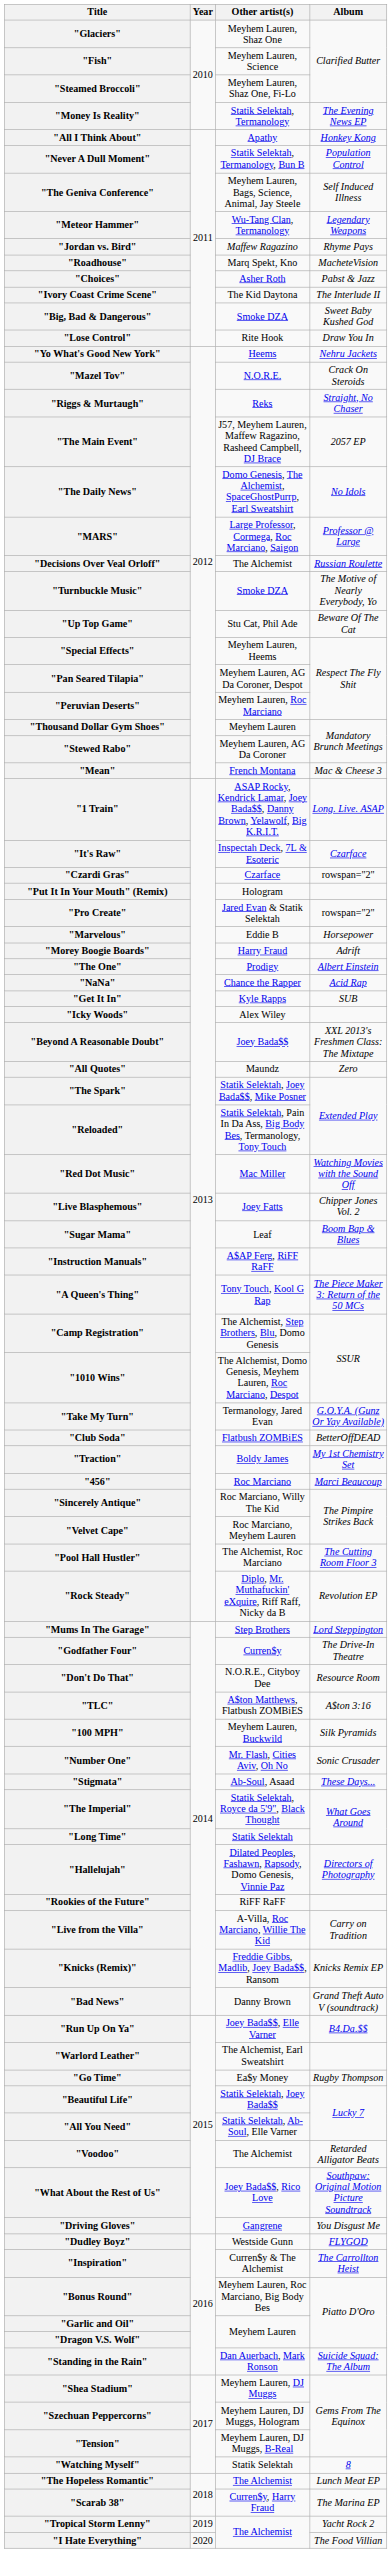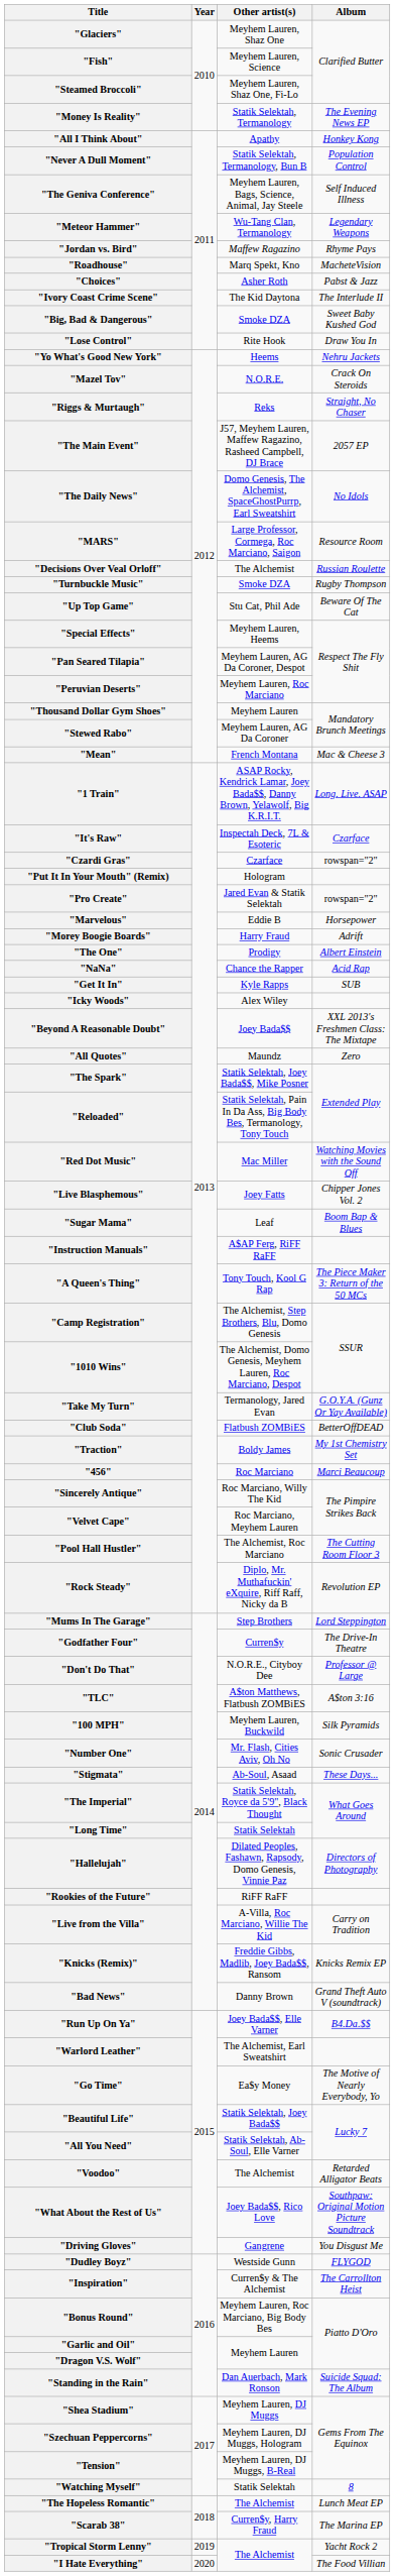 <table class="wikitable plainrowheaders" style="text-align:center;">
 <tr>
 <th scope="col" style="width:18em;">Title</th>
 <th scope="col">Year</th>
 <th scope="col">Other artist(s)</th>
 <th scope="col">Album</th>
 </tr>
 <tr>
 <th scope="row">"Glaciers"</th>
 <td rowspan="4">2010</td>
 <td>Meyhem Lauren, Shaz One</td>
 <td rowspan="3"><em>Clarified Butter</em></td>
 </tr>
 <tr>
 <th scope="row">"Fish"</th>
 <td>Meyhem Lauren, Science</td>
 </tr>
 <tr>
 <th scope="row">"Steamed Broccoli"</th>
 <td>Meyhem Lauren, Shaz One, Fi-Lo</td>
 </tr>
 <tr>
 <th scope="row">"Money Is Reality"</th>
 <td><a href='#'>Statik Selektah</a>, <a href='#'>Termanology</a></td>
 <td><em><a href='#'>The Evening News EP</a></em></td>
 </tr>
 <tr>
 <th scope="row">"All I Think About"</th>
 <td rowspan="10">2011</td>
 <td><a href='#'>Apathy</a></td>
 <td><em><a href='#'>Honkey Kong</a></em></td>
 </tr>
 <tr>
 <th scope="row">"Never A Dull Moment"</th>
 <td><a href='#'>Statik Selektah</a>, <a href='#'>Termanology</a>, <a href='#'>Bun B</a></td>
 <td><em><a href='#'>Population Control</a></em></td>
 </tr>
 <tr>
 <th scope="row">"The Geniva Conference"</th>
 <td>Meyhem Lauren, Bags, Science, Animal, Jay Steele</td>
 <td><em>Self Induced Illness</em></td>
 </tr>
 <tr>
 <th scope="row">"Meteor Hammer"</th>
 <td><a href='#'>Wu-Tang Clan</a>, <a href='#'>Termanology</a></td>
 <td><em><a href='#'>Legendary Weapons</a></em></td>
 </tr>
 <tr>
 <th scope="row">"Jordan vs. Bird"</th>
 <td><em>Maffew Ragazino</em></td>
 <td><em>Rhyme Pays</em></td>
 </tr>
 <tr>
 <th scope="row">"Roadhouse"</th>
 <td>Marq Spekt, Kno</td>
 <td><em>MacheteVision</em></td>
 </tr>
 <tr>
 <th scope="row">"Choices"</th>
 <td><a href='#'>Asher Roth</a></td>
 <td><em>Pabst & Jazz</em></td>
 </tr>
 <tr>
 <th scope="row">"Ivory Coast Crime Scene"</th>
 <td>The Kid Daytona</td>
 <td><em>The Interlude II</em></td>
 </tr>
 <tr>
 <th scope="row">"Big, Bad & Dangerous"</th>
 <td><a href='#'>Smoke DZA</a></td>
 <td><em>Sweet Baby Kushed God</em></td>
 </tr>
 <tr>
 <th scope="row">"Lose Control"</th>
 <td>Rite Hook</td>
 <td><em>Draw You In</em></td>
 </tr>
 <tr>
 <th scope="row">"Yo What's Good New York"</th>
 <td rowspan="15">2012</td>
 <td><a href='#'>Heems</a></td>
 <td><em><a href='#'>Nehru Jackets</a></em></td>
 </tr>
 <tr>
 <th scope="row">"Mazel Tov"</th>
 <td><a href='#'>N.O.R.E.</a></td>
 <td><em>Crack On Steroids</em></td>
 </tr>
 <tr>
 <th scope="row">"Riggs & Murtaugh"</th>
 <td><a href='#'>Reks</a></td>
 <td><em><a href='#'>Straight, No Chaser</a></em></td>
 </tr>
 <tr>
 <th scope="row">"The Main Event"</th>
 <td>J57, Meyhem Lauren, Maffew Ragazino, Rasheed Campbell, <a href='#'>DJ Brace</a></td>
 <td><em>2057 EP</em></td>
 </tr>
 <tr>
 <th scope="row">"The Daily News"</th>
 <td><a href='#'>Domo Genesis</a>, <a href='#'>The Alchemist</a>, <a href='#'>SpaceGhostPurrp</a>, <a href='#'>Earl Sweatshirt</a></td>
 <td><em><a href='#'>No Idols</a></em></td>
 </tr>
 <tr>
 <th scope="row">"MARS"</th>
 <td><a href='#'>Large Professor</a>, <a href='#'>Cormega</a>, <a href='#'>Roc Marciano</a>, <a href='#'>Saigon</a></td>
-<td><em><a href='#'>Professor @ Large</a></em></td>
+<td><em>Resource Room</em></td>
 </tr>
 <tr>
 <th scope="row">"Decisions Over Veal Orloff"</th>
 <td>The Alchemist</td>
 <td><em><a href='#'>Russian Roulette</a></em></td>
 </tr>
 <tr>
 <th scope="row">"Turnbuckle Music"</th>
 <td><a href='#'>Smoke DZA</a></td>
-<td><em>The Motive of Nearly Everybody, Yo</em></td>
+<td><em>Rugby Thompson</em></td>
 </tr>
 <tr>
 <th scope="row">"Up Top Game"</th>
 <td>Stu Cat, Phil Ade</td>
 <td><em>Beware Of The Cat</em></td>
 </tr>
 <tr>
 <th scope="row">"Special Effects"</th>
 <td>Meyhem Lauren, Heems</td>
 <td rowspan="3"><em>Respect The Fly Shit</em></td>
 </tr>
 <tr>
 <th scope="row">"Pan Seared Tilapia"</th>
 <td>Meyhem Lauren, AG Da Coroner, Despot</td>
 </tr>
 <tr>
 <th scope="row">"Peruvian Deserts"</th>
 <td>Meyhem Lauren, <a href='#'>Roc Marciano</a></td>
 </tr>
 <tr>
 <th scope="row">"Thousand Dollar Gym Shoes"</th>
 <td>Meyhem Lauren</td>
 <td rowspan="2"><em>Mandatory Brunch Meetings</em></td>
 </tr>
 <tr>
 <th scope="row">"Stewed Rabo"</th>
 <td>Meyhem Lauren, AG Da Coroner</td>
 </tr>
 <tr>
 <th scope="row">"Mean"</th>
 <td><a href='#'>French Montana</a></td>
 <td><em>Mac & Cheese 3</em></td>
 </tr>
 <tr>
 <th scope="row">"1 Train"</th>
 <td rowspan="30">2013</td>
 <td><a href='#'>ASAP Rocky</a>, <a href='#'>Kendrick Lamar</a>, <a href='#'>Joey Bada$$</a>, <a href='#'>Danny Brown</a>, <a href='#'>Yelawolf</a>, <a href='#'>Big K.R.I.T.</a></td>
 <td><em><a href='#'>Long. Live. ASAP</a></em></td>
 </tr>
 <tr>
 <th scope="row">"It's Raw"</th>
 <td><a href='#'>Inspectah Deck</a>, <a href='#'>7L & Esoteric</a></td>
 <td><em><a href='#'>Czarface</a></em></td>
 </tr>
 <tr>
 <th scope="row">"Czardi Gras"</th>
 <td><a href='#'>Czarface</a></td>
 <td>rowspan="2" </td>
 </tr>
 <tr>
 <th scope="row">"Put It In Your Mouth" (Remix)</th>
 <td>Hologram</td>
 </tr>
 <tr>
 <th scope="row">"Pro Create"</th>
 <td><a href='#'>Jared Evan</a> & Statik Selektah</td>
 <td>rowspan="2" </td>
 </tr>
 <tr>
 <th scope="row">"Marvelous"</th>
 <td>Eddie B</td>
 <td><em>Horsepower</em></td>
 </tr>
 <tr>
 <th scope="row">"Morey Boogie Boards"</th>
 <td><a href='#'>Harry Fraud</a></td>
 <td><em>Adrift</em></td>
 </tr>
 <tr>
 <th scope="row">"The One"</th>
 <td><a href='#'>Prodigy</a></td>
 <td><em><a href='#'>Albert Einstein</a></em></td>
 </tr>
 <tr>
 <th scope="row">"NaNa"</th>
 <td><a href='#'>Chance the Rapper</a></td>
 <td><em><a href='#'>Acid Rap</a></em></td>
 </tr>
 <tr>
 <th scope="row">"Get It In"</th>
 <td><a href='#'>Kyle Rapps</a></td>
 <td><em>SUB</em></td>
 </tr>
 <tr>
 <th scope="row">"Icky Woods"</th>
 <td>Alex Wiley</td>
 <td></td>
 </tr>
 <tr>
 <th scope="row">"Beyond A Reasonable Doubt"</th>
 <td><a href='#'>Joey Bada$$</a></td>
 <td><em>XXL 2013's Freshmen Class: The Mixtape</em></td>
 </tr>
 <tr>
 <th scope="row">"All Quotes"</th>
 <td>Maundz</td>
 <td><em>Zero</em></td>
 </tr>
 <tr>
 <th scope="row">"The Spark"</th>
 <td><a href='#'>Statik Selektah</a>, <a href='#'>Joey Bada$$</a>, <a href='#'>Mike Posner</a></td>
 <td rowspan="2"><em><a href='#'>Extended Play</a></em></td>
 </tr>
 <tr>
 <th scope="row">"Reloaded"</th>
 <td><a href='#'>Statik Selektah</a>, Pain In Da Ass, <a href='#'>Big Body Bes</a>, Termanology, <a href='#'>Tony Touch</a></td>
 </tr>
 <tr>
 <th scope="row">"Red Dot Music"</th>
 <td><a href='#'>Mac Miller</a></td>
 <td><em><a href='#'>Watching Movies with the Sound Off</a></em></td>
 </tr>
 <tr>
 <th scope="row">"Live Blasphemous"</th>
 <td><a href='#'>Joey Fatts</a></td>
 <td><em>Chipper Jones Vol. 2</em></td>
 </tr>
 <tr>
 <th scope="row">"Sugar Mama"</th>
 <td>Leaf</td>
 <td><em><a href='#'>Boom Bap & Blues</a></em></td>
 </tr>
 <tr>
 <th scope="row">"Instruction Manuals"</th>
 <td><a href='#'>A$AP Ferg</a>, <a href='#'>RiFF RaFF</a></td>
 </tr>
 <tr>
 <th scope="row">"A Queen's Thing"</th>
 <td><a href='#'>Tony Touch</a>, <a href='#'>Kool G Rap</a></td>
 <td><em><a href='#'>The Piece Maker 3: Return of the 50 MCs</a></em></td>
 </tr>
 <tr>
 <th scope="row">"Camp Registration"</th>
 <td>The Alchemist, <a href='#'>Step Brothers</a>, <a href='#'>Blu</a>, Domo Genesis</td>
 <td rowspan="2"><em>SSUR</em></td>
 </tr>
 <tr>
 <th scope="row">"1010 Wins"</th>
 <td>The Alchemist, Domo Genesis, Meyhem Lauren, <a href='#'>Roc Marciano</a>, <a href='#'>Despot</a></td>
 </tr>
 <tr>
 <th scope="row">"Take My Turn"</th>
 <td>Termanology, Jared Evan</td>
 <td><em><a href='#'>G.O.Y.A. (Gunz Or Yay Available)</a></em></td>
 </tr>
 <tr>
 <th scope="row">"Club Soda"</th>
 <td><a href='#'>Flatbush ZOMBiES</a></td>
 <td><em>BetterOffDEAD</em></td>
 </tr>
 <tr>
 <th scope="row">"Traction"</th>
 <td><a href='#'>Boldy James</a></td>
 <td><em><a href='#'>My 1st Chemistry Set</a></em></td>
 </tr>
 <tr>
 <th scope="row">"456"</th>
 <td><a href='#'>Roc Marciano</a></td>
 <td><em><a href='#'>Marci Beaucoup</a></em></td>
 </tr>
 <tr>
 <th scope="row">"Sincerely Antique"</th>
 <td>Roc Marciano, Willy The Kid</td>
 <td rowspan="2"><em>The Pimpire Strikes Back</em></td>
 </tr>
 <tr>
 <th scope="row">"Velvet Cape"</th>
 <td>Roc Marciano, Meyhem Lauren</td>
 </tr>
 <tr>
 <th scope="row">"Pool Hall Hustler"</th>
 <td>The Alchemist, Roc Marciano</td>
 <td><em><a href='#'>The Cutting Room Floor 3</a></em></td>
 </tr>
 <tr>
 <th scope="row">"Rock Steady"</th>
 <td><a href='#'>Diplo</a>, <a href='#'>Mr. Muthafuckin' eXquire</a>, Riff Raff, Nicky da B</td>
 <td><em>Revolution EP</em></td>
 </tr>
 <tr>
 <th scope="row">"Mums In The Garage"</th>
 <td rowspan="14">2014</td>
 <td><a href='#'>Step Brothers</a></td>
 <td><em><a href='#'>Lord Steppington</a></em></td>
 </tr>
 <tr>
 <th scope="row">"Godfather Four"</th>
 <td><a href='#'>Curren$y</a></td>
 <td><em>The Drive-In Theatre</em></td>
 </tr>
 <tr>
 <th scope="row">"Don't Do That"</th>
 <td>N.O.R.E., Cityboy Dee</td>
-<td><em>Resource Room</em></td>
+<td><em><a href='#'>Professor @ Large</a></em></td>
 </tr>
 <tr>
 <th scope="row">"TLC"</th>
 <td><a href='#'>A$ton Matthews</a>, Flatbush ZOMBiES</td>
 <td><em>A$ton 3:16</em></td>
 </tr>
 <tr>
 <th scope="row">"100 MPH"</th>
 <td>Meyhem Lauren, <a href='#'>Buckwild</a></td>
 <td><em>Silk Pyramids</em></td>
 </tr>
 <tr>
 <th scope="row">"Number One"</th>
 <td><a href='#'>Mr. Flash</a>, <a href='#'>Cities Aviv</a>, <a href='#'>Oh No</a></td>
 <td><em>Sonic Crusader</em></td>
 </tr>
 <tr>
 <th scope="row">"Stigmata"</th>
 <td><a href='#'>Ab-Soul</a>, Asaad</td>
 <td><em><a href='#'>These Days...</a></em></td>
 </tr>
 <tr>
 <th scope="row">"The Imperial"</th>
 <td><a href='#'>Statik Selektah</a>, <a href='#'>Royce da 5'9"</a>, <a href='#'>Black Thought</a></td>
 <td rowspan="2"><em><a href='#'>What Goes Around</a></em></td>
 </tr>
 <tr>
 <th scope="row">"Long Time"</th>
 <td><a href='#'>Statik Selektah</a></td>
 </tr>
 <tr>
 <th scope="row">"Hallelujah"</th>
 <td><a href='#'>Dilated Peoples</a>, <a href='#'>Fashawn</a>, <a href='#'>Rapsody</a>, Domo Genesis, <a href='#'>Vinnie Paz</a></td>
 <td><em><a href='#'>Directors of Photography</a></em></td>
 </tr>
 <tr>
 <th scope="row">"Rookies of the Future"</th>
 <td>RiFF RaFF</td>
 <td></td>
 </tr>
 <tr>
 <th scope="row">"Live from the Villa"</th>
 <td>A-Villa, <a href='#'>Roc Marciano</a>, <a href='#'>Willie The Kid</a></td>
 <td><em>Carry on Tradition</em></td>
 </tr>
 <tr>
 <th scope="row">"Knicks (Remix)"</th>
 <td><a href='#'>Freddie Gibbs</a>, <a href='#'>Madlib</a>, <a href='#'>Joey Bada$$</a>, Ransom</td>
 <td><em>Knicks Remix EP</em></td>
 </tr>
 <tr>
 <th scope="row">"Bad News"</th>
 <td>Danny Brown</td>
 <td><em>Grand Theft Auto V (soundtrack)</em></td>
 </tr>
 <tr>
 <th scope="row">"Run Up On Ya"</th>
 <td rowspan="8">2015</td>
 <td><a href='#'>Joey Bada$$</a>, <a href='#'>Elle Varner</a></td>
 <td><em><a href='#'>B4.Da.$$</a></em></td>
 </tr>
 <tr>
 <th scope="row">"Warlord Leather"</th>
 <td>The Alchemist, Earl Sweatshirt</td>
 <td></td>
 </tr>
 <tr>
 <th scope="row">"Go Time"</th>
 <td>Ea$y Money</td>
-<td><em>Rugby Thompson</em></td>
+<td><em>The Motive of Nearly Everybody, Yo</em></td>
 </tr>
 <tr>
 <th scope="row">"Beautiful Life"</th>
 <td><a href='#'>Statik Selektah</a>, <a href='#'>Joey Bada$$</a></td>
 <td rowspan="2"><em><a href='#'>Lucky 7</a></em></td>
 </tr>
 <tr>
 <th scope="row">"All You Need"</th>
 <td><a href='#'>Statik Selektah</a>, <a href='#'>Ab-Soul</a>, Elle Varner</td>
 </tr>
 <tr>
 <th scope="row">"Voodoo"</th>
 <td>The Alchemist</td>
 <td><em>Retarded Alligator Beats</em></td>
 </tr>
 <tr>
 <th scope="row">"What About the Rest of Us"</th>
 <td><a href='#'>Joey Bada$$</a>, <a href='#'>Rico Love</a></td>
 <td><em><a href='#'>Southpaw: Original Motion Picture Soundtrack</a></em></td>
 </tr>
 <tr>
 <th scope="row">"Driving Gloves"</th>
 <td><a href='#'>Gangrene</a></td>
 <td><em>You Disgust Me</em></td>
 </tr>
 <tr>
 <th scope="row">"Dudley Boyz"</th>
 <td rowspan="6">2016</td>
 <td>Westside Gunn</td>
 <td><em><a href='#'>FLYGOD</a></em></td>
 </tr>
 <tr>
 <th scope="row">"Inspiration"</th>
 <td>Curren$y & The Alchemist</td>
 <td><em><a href='#'>The Carrollton Heist</a></em></td>
 </tr>
 <tr>
 <th scope="row">"Bonus Round"</th>
 <td>Meyhem Lauren, Roc Marciano, Big Body Bes</td>
 <td rowspan="3"><em>Piatto D'Oro</em></td>
 </tr>
 <tr>
 <th scope="row">"Garlic and Oil"</th>
 <td rowspan="2">Meyhem Lauren</td>
 </tr>
 <tr>
 <th scope="row">"Dragon V.S. Wolf"</th>
 </tr>
 <tr>
 <th scope="row">"Standing in the Rain"</th>
 <td><a href='#'>Dan Auerbach</a>, <a href='#'>Mark Ronson</a></td>
 <td><em><a href='#'>Suicide Squad: The Album</a></em></td>
 </tr>
 <tr>
 <th scope="row">"Shea Stadium"</th>
 <td rowspan="4">2017</td>
 <td>Meyhem Lauren, <a href='#'>DJ Muggs</a></td>
 <td rowspan="3"><em>Gems From The Equinox</em></td>
 </tr>
 <tr>
 <th scope="row">"Szechuan Peppercorns"</th>
 <td>Meyhem Lauren, DJ Muggs, Hologram</td>
 </tr>
 <tr>
 <th scope="row">"Tension"</th>
 <td>Meyhem Lauren, DJ Muggs, <a href='#'>B-Real</a></td>
 </tr>
 <tr>
 <th scope="row">"Watching Myself"</th>
 <td>Statik Selektah</td>
 <td><em><a href='#'>8</a></em></td>
 </tr>
 <tr>
 <th scope="row">"The Hopeless Romantic"</th>
 <td rowspan="2">2018</td>
 <td><a href='#'>The Alchemist</a></td>
 <td><em>Lunch Meat EP</em></td>
 </tr>
 <tr>
 <th scope="row">"Scarab 38"</th>
 <td><a href='#'>Curren$y</a>, <a href='#'>Harry Fraud</a></td>
 <td><em>The Marina EP</em></td>
 </tr>
 <tr>
 <th scope="row">"Tropical Storm Lenny"</th>
 <td rowspan="1">2019</td>
 <td rowspan="2"><a href='#'>The Alchemist</a></td>
 <td><em>Yacht Rock 2</em></td>
 </tr>
 <tr>
 <th scope="row">"I Hate Everything"</th>
 <td rowspan="1">2020</td>
 <td><em>The Food Villian</em></td>
 </tr>
 </table>
